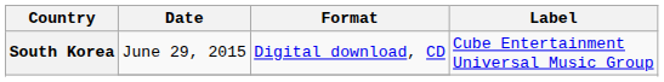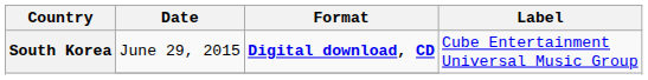 <table class="wikitable plainrowheaders">
 <tr>
 <th scope="col">Country</th>
 <th>Date</th>
 <th>Format</th>
 <th>Label</th>
 </tr>
 <tr>
 <th scope="row" rowspan="2">South Korea</th>
 <td>June 29, 2015</td>
-<td><a href='#'>Digital download</a>, <a href='#'>CD</a></td>
+<td><strong><a href='#'>Digital download</a>, <a href='#'>CD</a></strong></td>
 <td rowspan="2"><a href='#'>Cube Entertainment</a><br><a href='#'>Universal Music Group</a></td>
 </tr>
 <tr>
 </tr>
 </table>
